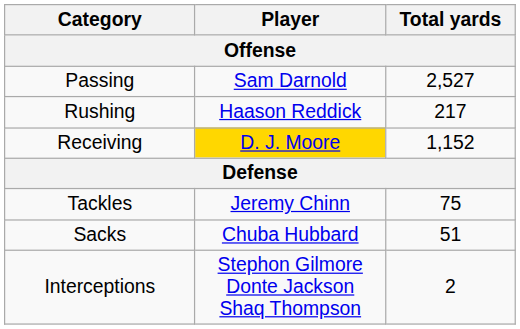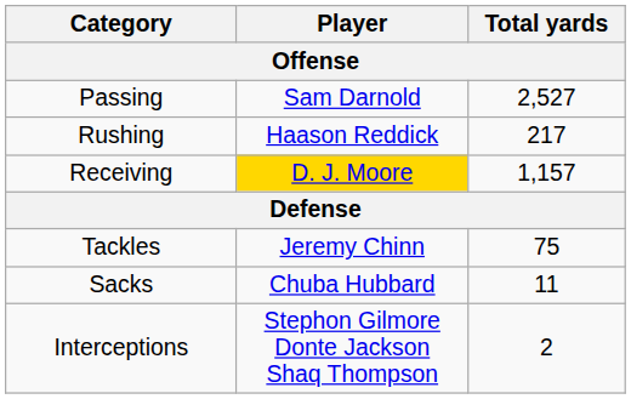 <table class="wikitable" style="text-align:center;">
 <tr>
 <th width="150">Category</th>
 <th width="150">Player</th>
 <th width="100">Total yards</th>
 </tr>
 <tr>
 <th colspan="4">Offense</th>
 </tr>
 <tr>
 <td>Passing</td>
 <td><a href='#'>Sam Darnold</a></td>
 <td>2,527</td>
 </tr>
 <tr>
 <td>Rushing</td>
 <td><a href='#'>Haason Reddick</a></td>
 <td>217</td>
 </tr>
 <tr>
 <td>Receiving</td>
 <td style="background: gold;"><a href='#'>D. J. Moore</a></td>
-<td>1,152</td>
+<td>1,157</td>
 </tr>
 <tr>
 <th colspan="4">Defense</th>
 </tr>
 <tr>
 <td>Tackles </td>
 <td><a href='#'>Jeremy Chinn</a></td>
 <td>75</td>
 </tr>
 <tr>
 <td>Sacks</td>
 <td><a href='#'>Chuba Hubbard</a></td>
-<td>51</td>
+<td>11</td>
 </tr>
 <tr>
 <td>Interceptions</td>
 <td><a href='#'>Stephon Gilmore</a><br><a href='#'>Donte Jackson</a><br><a href='#'>Shaq Thompson</a></td>
 <td>2</td>
 </tr>
 </table>
